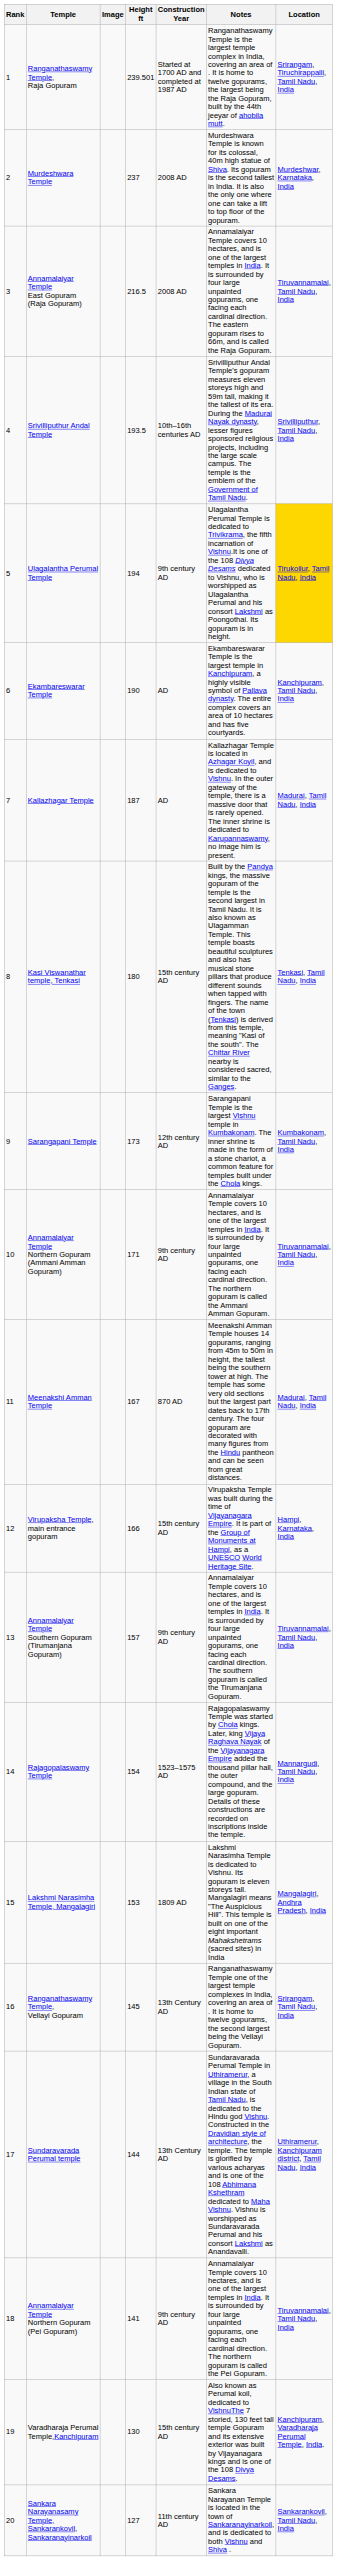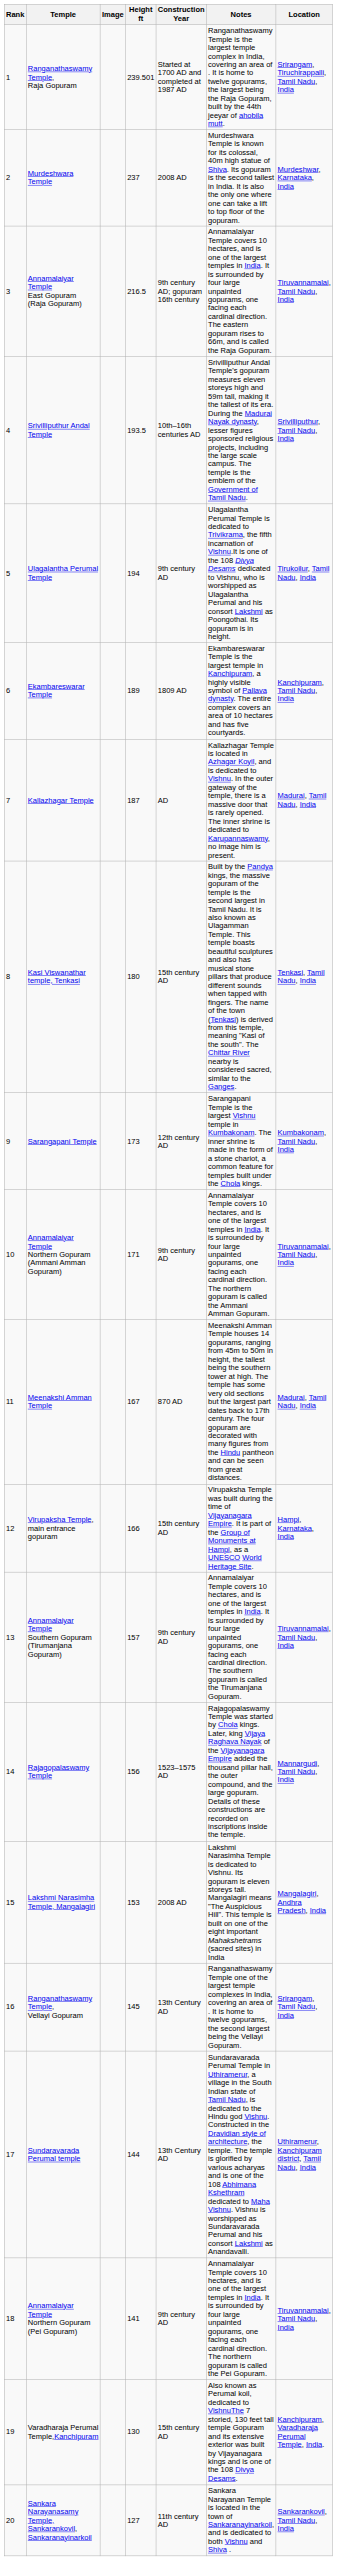 <table class="sortable wikitable"style="text-align:left;"style="font-size: 85%">
 <tr>
 <th scope="col">Rank</th>
 <th scope="col">Temple</th>
 <th scope="col">Image</th>
 <th scope="col">Height<br>ft</th>
 <th scope="col">Construction<br>Year</th>
 <th scope="col">Notes</th>
 <th scope="col">Location</th>
 </tr>
 <tr>
 <td>1</td>
 <td><a href='#'>Ranganathaswamy Temple</a>,<br> Raja Gopuram</td>
 <td></td>
 <td>239.501</td>
 <td>Started at 1700 AD and completed at 1987 AD</td>
 <td>Ranganathaswamy Temple is the largest temple complex in India, covering an area of . It is home to twelve gopurams, the largest being the Raja Gopuram, built by the 44th jeeyar of <a href='#'>ahobila mutt</a>.</td>
 <td><a href='#'>Srirangam</a>, <a href='#'>Tiruchirappalli</a>, <a href='#'>Tamil Nadu</a>, <a href='#'>India</a></td>
 </tr>
 <tr>
 <td>2</td>
 <td><a href='#'>Murdeshwara Temple</a></td>
 <td></td>
 <td>237</td>
 <td>2008 AD</td>
 <td>Murdeshwara Temple is known for its colossal, 40m high statue of <a href='#'>Shiva</a>. Its gopuram is the second tallest in India. It is also the only one where one can take a lift to top floor of the gopuram.</td>
 <td><a href='#'>Murdeshwar</a>, <a href='#'>Karnataka</a>, <a href='#'>India</a></td>
 </tr>
 <tr>
 <td>3</td>
 <td><a href='#'>Annamalaiyar Temple</a><br>East Gopuram<br>(Raja Gopuram)</td>
 <td></td>
 <td>216.5</td>
-<td>2008 AD</td>
+<td>9th century AD; gopuram 16th century</td>
 <td>Annamalaiyar Temple covers 10 hectares, and is one of the largest temples in <a href='#'>India</a>. It is surrounded by four large unpainted gopurams, one facing each cardinal direction. The eastern gopuram rises to 66m, and is called the Raja Gopuram.</td>
 <td><a href='#'>Tiruvannamalai</a>, <a href='#'>Tamil Nadu</a>, <a href='#'>India</a></td>
 </tr>
 <tr>
 <td>4</td>
 <td><a href='#'>Srivilliputhur Andal Temple</a></td>
 <td></td>
 <td>193.5</td>
 <td>10th–16th centuries AD</td>
 <td>Srivilliputhur Andal Temple's gopuram measures eleven storeys high and 59m tall, making it the tallest of its era. During the <a href='#'>Madurai Nayak dynasty</a>, lesser figures sponsored religious projects, including the large scale campus. The temple is the emblem of the <a href='#'>Government of Tamil Nadu</a>.</td>
 <td><a href='#'>Srivilliputhur</a>, <a href='#'>Tamil Nadu</a>, <a href='#'>India</a></td>
 </tr>
 <tr>
 <td>5</td>
 <td><a href='#'>Ulagalantha Perumal Temple</a></td>
 <td></td>
 <td>194</td>
 <td>9th century AD </td>
 <td>Ulagalantha Perumal Temple is dedicated to <a href='#'>Trivikrama</a>, the fifth incarnation of <a href='#'>Vishnu</a>.It is one of the 108 <em><a href='#'>Divya Desams</a></em> dedicated to Vishnu, who is worshipped as Ulagalantha Perumal and his consort <a href='#'>Lakshmi</a> as Poongothai. Its gopuram is  in height.</td>
-<td style="background: gold;"><a href='#'>Tirukoilur</a>, <a href='#'>Tamil Nadu</a>, <a href='#'>India</a></td>
+<td><a href='#'>Tirukoilur</a>, <a href='#'>Tamil Nadu</a>, <a href='#'>India</a></td>
 </tr>
 <tr>
 <td>6</td>
 <td><a href='#'>Ekambareswarar Temple</a></td>
 <td></td>
-<td>190</td>
-<td>AD</td>
+<td>189</td>
+<td>1809 AD</td>
 <td>Ekambareswarar Temple is the largest temple in <a href='#'>Kanchipuram</a>, a highly visible symbol of <a href='#'>Pallava dynasty</a>. The entire complex covers an area of 10 hectares and has five courtyards.</td>
 <td><a href='#'>Kanchipuram</a>, <a href='#'>Tamil Nadu</a>, <a href='#'>India</a></td>
 </tr>
 <tr>
 <td>7</td>
 <td><a href='#'>Kallazhagar Temple</a></td>
 <td></td>
 <td>187</td>
 <td>AD</td>
 <td>Kallazhagar Temple is located in <a href='#'>Azhagar Koyil</a>, and is dedicated to <a href='#'>Vishnu</a>. In the outer gateway of the temple, there is a massive door that is rarely opened. The inner shrine is dedicated to <a href='#'>Karupannaswamy</a>, no image him is present.</td>
 <td><a href='#'>Madurai</a>, <a href='#'>Tamil Nadu</a>, <a href='#'>India</a></td>
 </tr>
 <tr>
 <td>8</td>
 <td><a href='#'>Kasi Viswanathar temple, Tenkasi</a></td>
 <td></td>
 <td>180</td>
 <td>15th century AD</td>
 <td>Built by the <a href='#'>Pandya</a> kings, the massive gopuram of the temple is the second largest in Tamil Nadu. It is also known as Ulagamman Temple. This temple boasts beautiful sculptures and also has musical stone pillars that produce different sounds when tapped with fingers. The name of the town (<a href='#'>Tenkasi</a>) is derived from this temple, meaning "Kasi of the south". The <a href='#'>Chittar River</a> nearby is considered sacred, similar to the <a href='#'>Ganges</a>.</td>
 <td><a href='#'>Tenkasi</a>, <a href='#'>Tamil Nadu</a>, <a href='#'>India</a></td>
 </tr>
 <tr>
 <td>9</td>
 <td><a href='#'>Sarangapani Temple</a></td>
 <td></td>
 <td>173</td>
 <td>12th century AD</td>
 <td>Sarangapani Temple is the largest <a href='#'>Vishnu</a> temple in <a href='#'>Kumbakonam</a>. The inner shrine is made in the form of a stone chariot, a common feature for temples built under the <a href='#'>Chola</a> kings.</td>
 <td><a href='#'>Kumbakonam</a>, <a href='#'>Tamil Nadu</a>, <a href='#'>India</a></td>
 </tr>
 <tr>
 <td>10</td>
 <td><a href='#'>Annamalaiyar Temple</a><br>Northern Gopuram (Ammani Amman Gopuram)</td>
 <td></td>
 <td>171</td>
 <td>9th century AD</td>
 <td>Annamalaiyar Temple covers 10 hectares, and is one of the largest temples in <a href='#'>India</a>. It is surrounded by four large unpainted gopurams, one facing each cardinal direction. The northern gopuram is called the Ammani Amman Gopuram.</td>
 <td><a href='#'>Tiruvannamalai</a>, <a href='#'>Tamil Nadu</a>, <a href='#'>India</a></td>
 </tr>
 <tr>
 <td>11</td>
 <td><a href='#'>Meenakshi Amman Temple</a></td>
 <td></td>
 <td>167</td>
 <td>870 AD</td>
 <td>Meenakshi Amman Temple houses 14 gopurams, ranging from 45m to 50m in height, the tallest being the southern tower at  high. The temple has some very old sections but the largest part dates back to 17th century. The four gopuram are decorated with many figures from the <a href='#'>Hindu</a> pantheon and can be seen from great distances.</td>
 <td><a href='#'>Madurai</a>, <a href='#'>Tamil Nadu</a>, <a href='#'>India</a></td>
 </tr>
 <tr>
 <td>12</td>
 <td><a href='#'>Virupaksha Temple</a>, main entrance gopuram</td>
 <td></td>
 <td>166</td>
 <td>15th century AD</td>
 <td>Virupaksha Temple was built during the time of <a href='#'>Vijayanagara Empire</a>. It is part of the <a href='#'>Group of Monuments at Hampi</a>, as a <a href='#'>UNESCO</a> <a href='#'>World Heritage Site</a>.</td>
 <td><a href='#'>Hampi</a>, <a href='#'>Karnataka</a>, <a href='#'>India</a></td>
 </tr>
 <tr>
 <td>13</td>
 <td><a href='#'>Annamalaiyar Temple</a><br>Southern Gopuram<br>(Tirumanjana Gopuram)</td>
 <td></td>
 <td>157</td>
 <td>9th century AD</td>
 <td>Annamalaiyar Temple covers 10 hectares, and is one of the largest temples in <a href='#'>India</a>. It is surrounded by four large unpainted gopurams, one facing each cardinal direction. The southern gopuram is called the Tirumanjana Gopuram.</td>
 <td><a href='#'>Tiruvannamalai</a>, <a href='#'>Tamil Nadu</a>, <a href='#'>India</a></td>
 </tr>
 <tr>
 <td>14</td>
 <td><a href='#'>Rajagopalaswamy Temple</a></td>
 <td></td>
-<td>154</td>
+<td>156</td>
 <td>1523–1575 AD</td>
 <td>Rajagopalaswamy Temple was started by <a href='#'>Chola</a> kings. Later, king <a href='#'>Vijaya Raghava Nayak</a> of the <a href='#'>Vijayanagara Empire</a> added the thousand pillar hall, the outer compound, and the large gopuram. Details of these constructions are recorded on inscriptions inside the temple.</td>
 <td><a href='#'>Mannargudi</a>, <a href='#'>Tamil Nadu</a>, <a href='#'>India</a></td>
 </tr>
 <tr>
 <td>15</td>
 <td><a href='#'>Lakshmi Narasimha Temple, Mangalagiri</a></td>
 <td></td>
 <td>153</td>
-<td>1809 AD</td>
+<td>2008 AD</td>
 <td>Lakshmi Narasimha Temple is dedicated to Vishnu. Its gopuram is eleven storeys tall. Mangalagiri means "The Auspicious Hill". This temple is built on one of the eight important <em>Mahakshetrams</em> (sacred sites) in India</td>
 <td><a href='#'>Mangalagiri</a>, <a href='#'>Andhra Pradesh</a>, <a href='#'>India</a></td>
 </tr>
 <tr>
 <td>16</td>
 <td><a href='#'>Ranganathaswamy Temple</a>,<br> Vellayi Gopuram</td>
 <td></td>
 <td>145</td>
 <td> 13th Century AD</td>
 <td>Ranganathaswamy Temple one of the largest temple complexes in India, covering an area of . It is home to twelve gopurams, the second largest being the Vellayi Gopuram.</td>
 <td><a href='#'>Srirangam</a>, <a href='#'>Tamil Nadu</a>, <a href='#'>India</a></td>
 </tr>
 <tr>
 <td>17</td>
 <td><a href='#'>Sundaravarada Perumal temple</a></td>
 <td></td>
 <td>144</td>
 <td> 13th Century AD</td>
 <td>Sundaravarada Perumal Temple in <a href='#'>Uthiramerur</a>, a village in the South Indian state of <a href='#'>Tamil Nadu</a>, is dedicated to the Hindu god <a href='#'>Vishnu</a>. Constructed in the <a href='#'>Dravidian style of architecture</a>, the temple. The temple is glorified by various acharyas and is one of the 108 <a href='#'>Abhimana Kshethram</a> dedicated to <a href='#'>Maha Vishnu</a>. Vishnu is worshipped as Sundaravarada Perumal and his consort <a href='#'>Lakshmi</a> as Anandavalli.</td>
 <td><a href='#'>Uthiramerur</a>, <a href='#'>Kanchipuram district</a>, <a href='#'>Tamil Nadu</a>, <a href='#'>India</a></td>
 </tr>
 <tr>
 <td>18</td>
 <td><a href='#'>Annamalaiyar Temple</a><br>Northern Gopuram<br>(Pei Gopuram)</td>
 <td></td>
 <td>141</td>
 <td>9th century AD</td>
 <td>Annamalaiyar Temple covers 10 hectares, and is one of the largest temples in <a href='#'>India</a>. It is surrounded by four large unpainted gopurams, one facing each cardinal direction. The northern gopuram is called the Pei Gopuram.</td>
 <td><a href='#'>Tiruvannamalai</a>, <a href='#'>Tamil Nadu</a>, <a href='#'>India</a></td>
 </tr>
 <tr>
 <td>19</td>
 <td>Varadharaja Perumal Temple,<a href='#'>Kanchipuram</a></td>
 <td></td>
 <td>130</td>
 <td>15th century AD</td>
 <td>Also known as Perumal koil, dedicated to <a href='#'>VishnuThe</a> 7 storied, 130 feet tall temple Gopuram and its extensive exterior was built by Vijayanagara kings and is one of the 108 <a href='#'>Divya Desams</a>.</td>
 <td><a href='#'>Kanchipuram</a>, <a href='#'>Varadharaja Perumal Temple</a>, <a href='#'>India</a>.</td>
 </tr>
 <tr>
 <td>20</td>
 <td><a href='#'>Sankara Narayanasamy Temple, Sankarankovil</a>, <a href='#'>Sankaranayinarkoil</a></td>
 <td></td>
 <td>127</td>
 <td>11th century AD</td>
 <td>Sankara Narayanan Temple is located in the town of <a href='#'>Sankaranayinarkoil</a>, and is dedicated to both <a href='#'>Vishnu</a> and <a href='#'>Shiva</a> .</td>
 <td><a href='#'>Sankarankovil</a>, <a href='#'>Tamil Nadu</a>, <a href='#'>India</a></td>
 </tr>
 </table>
